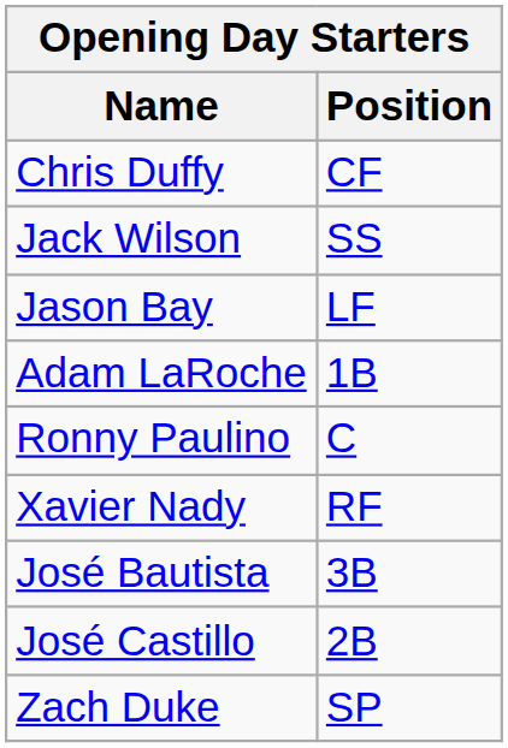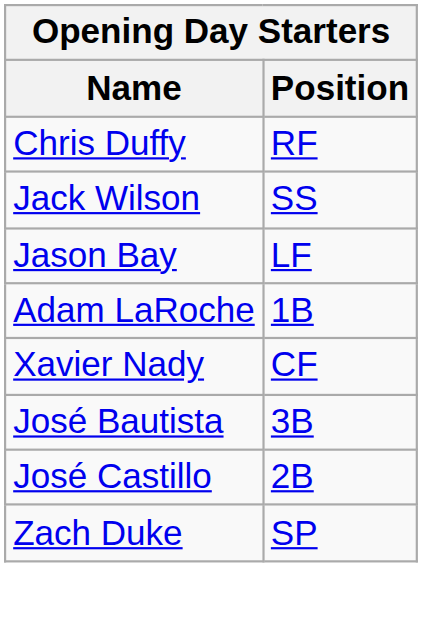 <table class="wikitable" style="text-align:left">
 <tr>
 <th colspan="2"><strong>Opening Day Starters</strong></th>
 </tr>
 <tr>
 <th><strong>Name</strong></th>
 <th><strong>Position</strong></th>
 </tr>
 <tr>
 <td><a href='#'>Chris Duffy</a></td>
-<td><a href='#'>CF</a></td>
+<td><a href='#'>RF</a></td>
 </tr>
 <tr>
 <td><a href='#'>Jack Wilson</a></td>
 <td><a href='#'>SS</a></td>
 </tr>
 <tr>
 <td><a href='#'>Jason Bay</a></td>
 <td><a href='#'>LF</a></td>
 </tr>
 <tr>
 <td><a href='#'>Adam LaRoche</a></td>
 <td><a href='#'>1B</a></td>
 </tr>
 <tr>
-<td><a href='#'>Ronny Paulino</a></td>
-<td><a href='#'>C</a></td>
-</tr>
-<tr>
 <td><a href='#'>Xavier Nady</a></td>
-<td><a href='#'>RF</a></td>
+<td><a href='#'>CF</a></td>
 </tr>
 <tr>
 <td><a href='#'>José Bautista</a></td>
 <td><a href='#'>3B</a></td>
 </tr>
 <tr>
 <td><a href='#'>José Castillo</a></td>
 <td><a href='#'>2B</a></td>
 </tr>
 <tr>
 <td><a href='#'>Zach Duke</a></td>
 <td><a href='#'>SP</a></td>
 </tr>
 </table>
